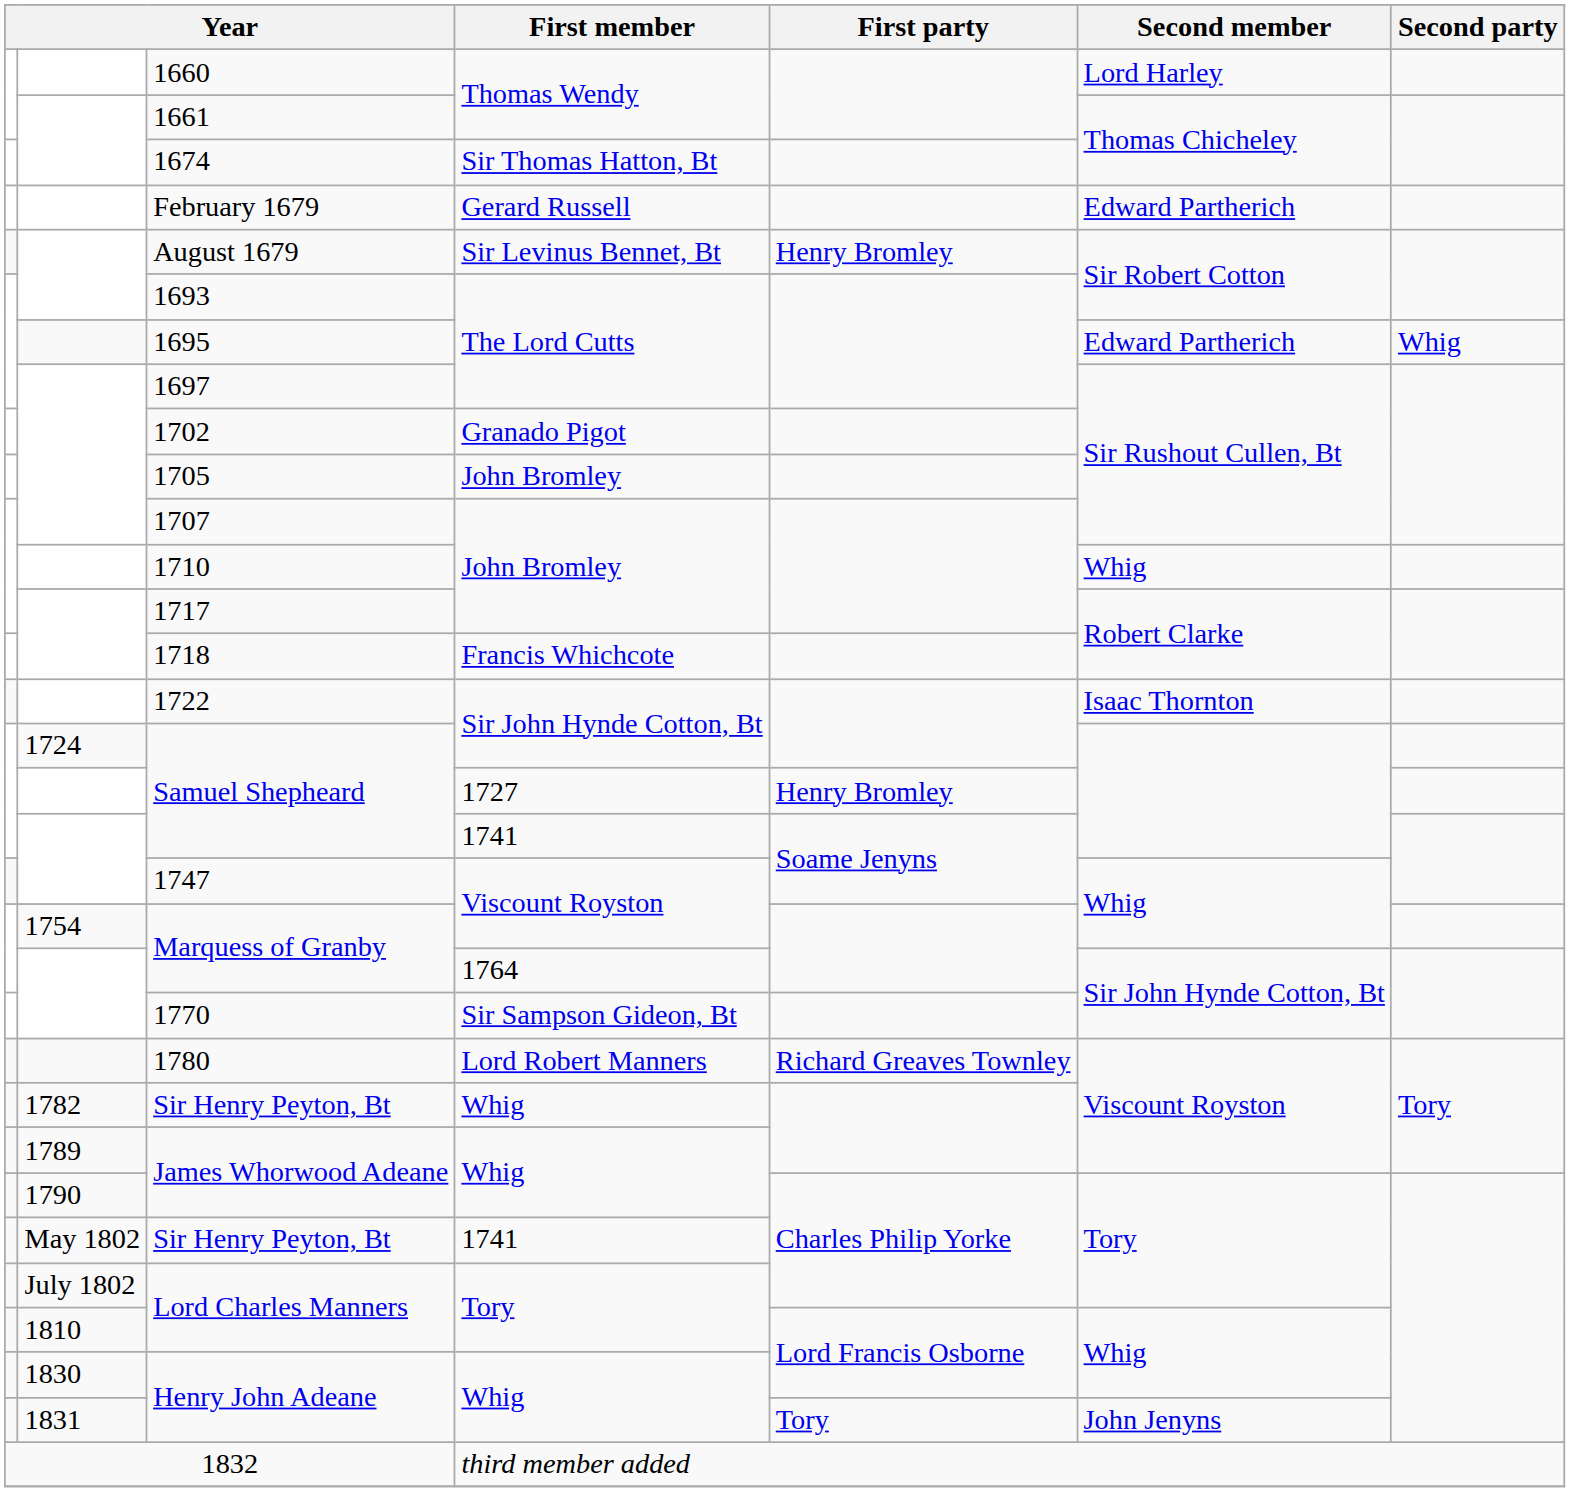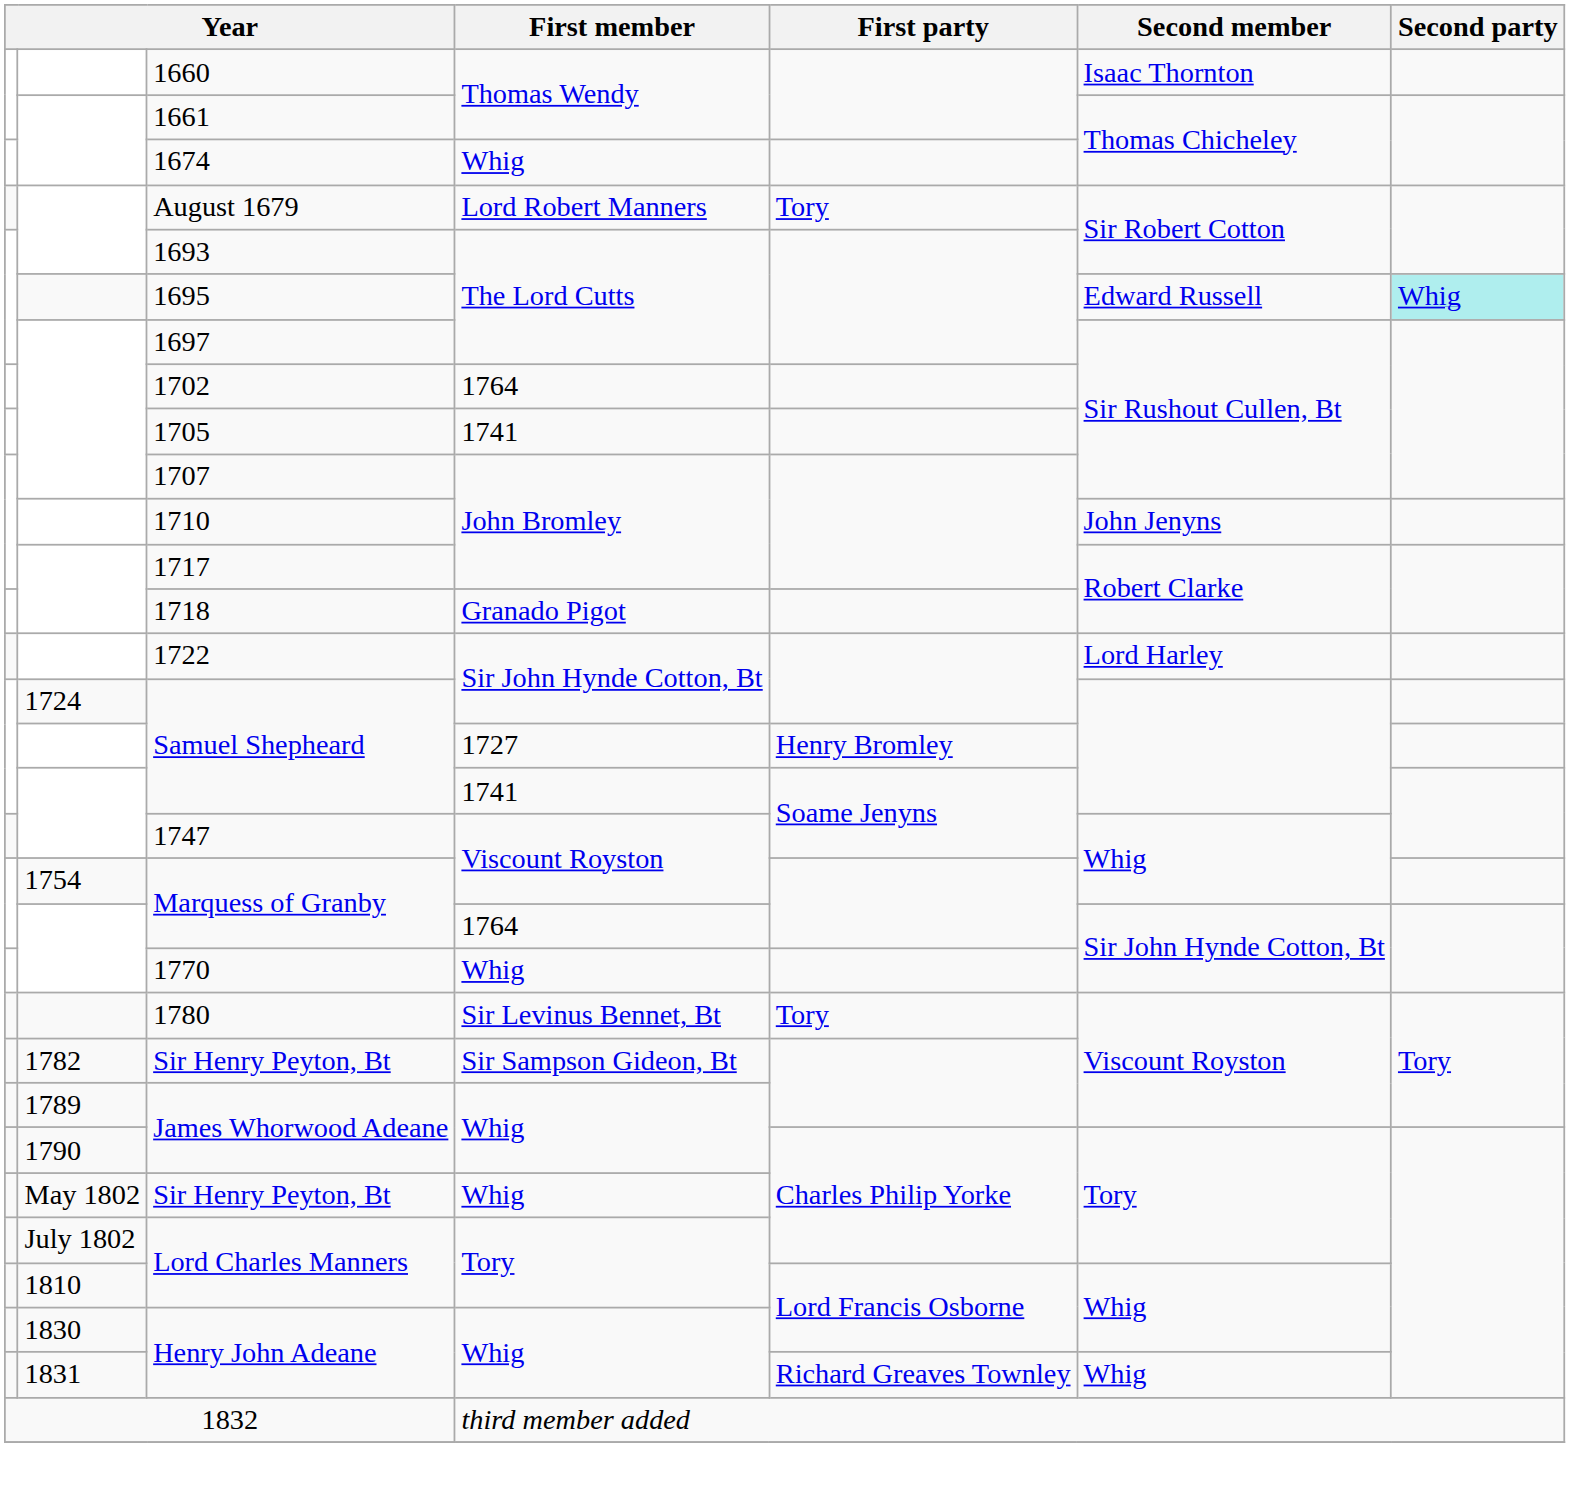 <table class="wikitable">
 <tr>
 <th colspan="3">Year</th>
 <th>First member</th>
 <th>First party</th>
 <th>Second member</th>
 <th>Second party</th>
 </tr>
 <tr>
 <td style="color:inherit;background-color: white" rowspan="2"></td>
 <td style="color:inherit;background-color: white"></td>
 <td>1660</td>
 <td rowspan="2"><a href='#'>Thomas Wendy</a></td>
 <td rowspan="2"></td>
-<td><a href='#'>Lord Harley</a></td>
+<td><a href='#'>Isaac Thornton</a></td>
 <td></td>
 </tr>
 <tr>
 <td style="color:inherit;background-color: white" rowspan="2"></td>
 <td>1661</td>
 <td rowspan="2"><a href='#'>Thomas Chicheley</a></td>
 <td rowspan="2"></td>
 </tr>
 <tr>
 <td style="color:inherit;background-color: white"></td>
 <td>1674</td>
-<td><a href='#'>Sir Thomas Hatton, Bt</a></td>
-<td></td>
-</tr>
-<tr>
-<td style="color:inherit;background-color: white"></td>
-<td style="color:inherit;background-color: white"></td>
-<td>February 1679</td>
-<td><a href='#'>Gerard Russell</a></td>
-<td></td>
-<td><a href='#'>Edward Partherich</a></td>
+<td><a href='#'>Whig</a></td>
 <td></td>
 </tr>
 <tr>
 <td style="color:inherit;background-color: "></td>
 <td style="color:inherit;background-color: white" rowspan="2"></td>
 <td>August 1679</td>
-<td><a href='#'>Sir Levinus Bennet, Bt</a></td>
-<td><a href='#'>Henry Bromley</a></td>
+<td><a href='#'>Lord Robert Manners</a></td>
+<td><a href='#'>Tory</a></td>
 <td rowspan="2"><a href='#'>Sir Robert Cotton</a></td>
 <td rowspan="2"></td>
 </tr>
 <tr>
 <td style="color:inherit;background-color: white" rowspan="3"></td>
 <td>1693</td>
 <td rowspan="3"><a href='#'>The Lord Cutts</a></td>
 <td rowspan="3"></td>
 </tr>
 <tr>
 <td style="color:inherit;background-color: "></td>
 <td>1695</td>
-<td><a href='#'>Edward Partherich</a></td>
-<td><a href='#'>Whig</a></td>
+<td><a href='#'>Edward Russell</a></td>
+<td style="background: paleturquoise;"><a href='#'>Whig</a></td>
 </tr>
 <tr>
 <td style="color:inherit;background-color: white" rowspan="4"></td>
 <td>1697</td>
 <td rowspan="4"><a href='#'>Sir Rushout Cullen, Bt</a></td>
 <td rowspan="4"></td>
 </tr>
 <tr>
 <td style="color:inherit;background-color: white"></td>
 <td>1702</td>
-<td><a href='#'>Granado Pigot</a></td>
+<td>1764</td>
 <td></td>
 </tr>
 <tr>
 <td style="color:inherit;background-color: white"></td>
 <td>1705</td>
-<td><a href='#'>John Bromley</a></td>
+<td>1741</td>
 <td></td>
 </tr>
 <tr>
 <td style="color:inherit;background-color: white" rowspan="3"></td>
 <td>1707</td>
 <td rowspan="3"><a href='#'>John Bromley</a></td>
 <td rowspan="3"></td>
 </tr>
 <tr>
 <td style="color:inherit;background-color: white"></td>
 <td>1710</td>
-<td><a href='#'>Whig</a></td>
+<td><a href='#'>John Jenyns</a></td>
 <td></td>
 </tr>
 <tr>
 <td style="color:inherit;background-color: white" rowspan="2"></td>
 <td>1717</td>
 <td rowspan="2"><a href='#'>Robert Clarke</a></td>
 <td rowspan="2"></td>
 </tr>
 <tr>
 <td style="color:inherit;background-color: white"></td>
 <td>1718</td>
-<td><a href='#'>Francis Whichcote</a></td>
+<td><a href='#'>Granado Pigot</a></td>
 <td></td>
 </tr>
 <tr>
 <td style="color:inherit;background-color: "></td>
 <td style="color:inherit;background-color: white"></td>
 <td>1722</td>
 <td rowspan="2"><a href='#'>Sir John Hynde Cotton, Bt</a></td>
 <td rowspan="2"></td>
-<td><a href='#'>Isaac Thornton</a></td>
+<td><a href='#'>Lord Harley</a></td>
 <td></td>
 </tr>
 <tr>
 <td style="color:inherit;background-color: white" rowspan="3"></td>
 <td>1724</td>
 <td rowspan="3"><a href='#'>Samuel Shepheard</a></td>
 <td rowspan="3"></td>
 </tr>
 <tr>
 <td style="color:inherit;background-color: white"></td>
 <td>1727</td>
 <td><a href='#'>Henry Bromley</a></td>
 <td></td>
 </tr>
 <tr>
 <td style="color:inherit;background-color: white" rowspan="2"></td>
 <td>1741</td>
 <td rowspan="2"><a href='#'>Soame Jenyns</a></td>
 <td rowspan="2"></td>
 </tr>
 <tr>
 <td style="color:inherit;background-color: "></td>
 <td>1747</td>
 <td rowspan="2"><a href='#'>Viscount Royston</a></td>
 <td rowspan="2"><a href='#'>Whig</a></td>
 </tr>
 <tr>
 <td style="color:inherit;background-color: white" rowspan="2"></td>
 <td>1754</td>
 <td rowspan="2"><a href='#'>Marquess of Granby</a></td>
 <td rowspan="2"></td>
 </tr>
 <tr>
 <td style="color:inherit;background-color: white" rowspan="2"></td>
 <td>1764</td>
 <td rowspan="2"><a href='#'>Sir John Hynde Cotton, Bt</a></td>
 <td rowspan="2"></td>
 </tr>
 <tr>
 <td style="color:inherit;background-color: white"></td>
 <td>1770</td>
-<td><a href='#'>Sir Sampson Gideon, Bt</a></td>
+<td><a href='#'>Whig</a></td>
 <td></td>
 </tr>
 <tr>
 <td style="color:inherit;background-color: "></td>
 <td style="color:inherit;background-color: "></td>
 <td>1780</td>
-<td><a href='#'>Lord Robert Manners</a></td>
-<td><a href='#'>Richard Greaves Townley</a></td>
+<td><a href='#'>Sir Levinus Bennet, Bt</a></td>
+<td><a href='#'>Tory</a></td>
 <td rowspan="3"><a href='#'>Viscount Royston</a></td>
 <td rowspan="3"><a href='#'>Tory</a></td>
 </tr>
 <tr>
 <td style="color:inherit;background-color: "></td>
 <td>1782</td>
 <td><a href='#'>Sir Henry Peyton, Bt</a></td>
-<td><a href='#'>Whig</a></td>
+<td><a href='#'>Sir Sampson Gideon, Bt</a></td>
 </tr>
 <tr>
 <td style="color:inherit;background-color: "></td>
 <td>1789</td>
 <td rowspan="2"><a href='#'>James Whorwood Adeane</a></td>
 <td rowspan="2"><a href='#'>Whig</a></td>
 </tr>
 <tr>
 <td style="color:inherit;background-color: "></td>
 <td>1790</td>
 <td rowspan="3"><a href='#'>Charles Philip Yorke</a></td>
 <td rowspan="3"><a href='#'>Tory</a></td>
 </tr>
 <tr>
 <td style="color:inherit;background-color: "></td>
 <td>May 1802</td>
 <td><a href='#'>Sir Henry Peyton, Bt</a></td>
-<td>1741</td>
+<td><a href='#'>Whig</a></td>
 </tr>
 <tr>
 <td style="color:inherit;background-color: "></td>
 <td>July 1802</td>
 <td rowspan="2"><a href='#'>Lord Charles Manners</a></td>
 <td rowspan="2"><a href='#'>Tory</a></td>
 </tr>
 <tr>
 <td style="color:inherit;background-color: "></td>
 <td>1810</td>
 <td rowspan="2"><a href='#'>Lord Francis Osborne</a></td>
 <td rowspan="2"><a href='#'>Whig</a></td>
 </tr>
 <tr>
 <td style="color:inherit;background-color: "></td>
 <td>1830</td>
 <td rowspan="2"><a href='#'>Henry John Adeane</a></td>
 <td rowspan="2"><a href='#'>Whig</a></td>
 </tr>
 <tr>
 <td style="color:inherit;background-color: "></td>
 <td>1831</td>
-<td><a href='#'>Tory</a></td>
-<td><a href='#'>John Jenyns</a></td>
+<td><a href='#'>Richard Greaves Townley</a></td>
+<td><a href='#'>Whig</a></td>
 </tr>
 <tr>
 <td colspan="3" align="center">1832</td>
 <td colspan="4"><em>third member added</em></td>
 </tr>
 <tr>
 </tr>
 </table>
